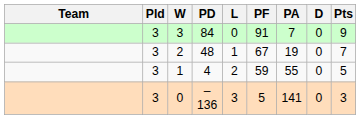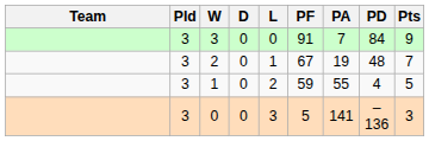 <table class="wikitable" style="text-align:center;">
 <tr>
 <th width=175>Team</th>
 <th width=25 abbr="Played">Pld</th>
 <th width=25 abbr="Won">W</th>
-<th width=32 abbr="Points difference">PD</th>
+<th width=25 abbr="Drawn">D</th>
 <th width=25 abbr="Lost">L</th>
 <th width=32 abbr="Points for">PF</th>
 <th width=32 abbr="Points against">PA</th>
-<th width=25 abbr="Drawn">D</th>
+<th width=32 abbr="Points difference">PD</th>
 <th width=25 abbr="Points">Pts</th>
 </tr>
 <tr bgcolor="#ccffcc">
 <td align=left></td>
 <td>3</td>
 <td>3</td>
-<td>84</td>
+<td>0</td>
 <td>0</td>
 <td>91</td>
 <td>7</td>
-<td>0</td>
+<td>84</td>
 <td>9</td>
 </tr>
 <tr>
 <td align=left></td>
 <td>3</td>
 <td>2</td>
-<td>48</td>
+<td>0</td>
 <td>1</td>
 <td>67</td>
 <td>19</td>
-<td>0</td>
+<td>48</td>
 <td>7</td>
 </tr>
 <tr>
 <td align=left></td>
 <td>3</td>
 <td>1</td>
-<td>4</td>
+<td>0</td>
 <td>2</td>
 <td>59</td>
 <td>55</td>
-<td>0</td>
+<td>4</td>
 <td>5</td>
 </tr>
 <tr bgcolor="#ffddbb">
 <td align=left></td>
 <td>3</td>
 <td>0</td>
-<td>–136</td>
+<td>0</td>
 <td>3</td>
 <td>5</td>
 <td>141</td>
-<td>0</td>
+<td>–136</td>
 <td>3</td>
 </tr>
 </table>
